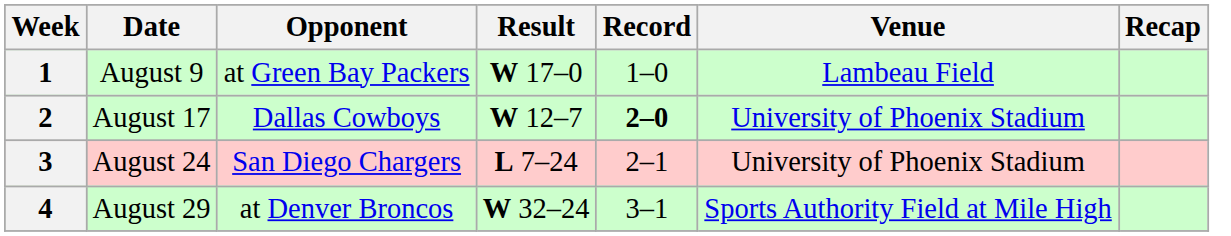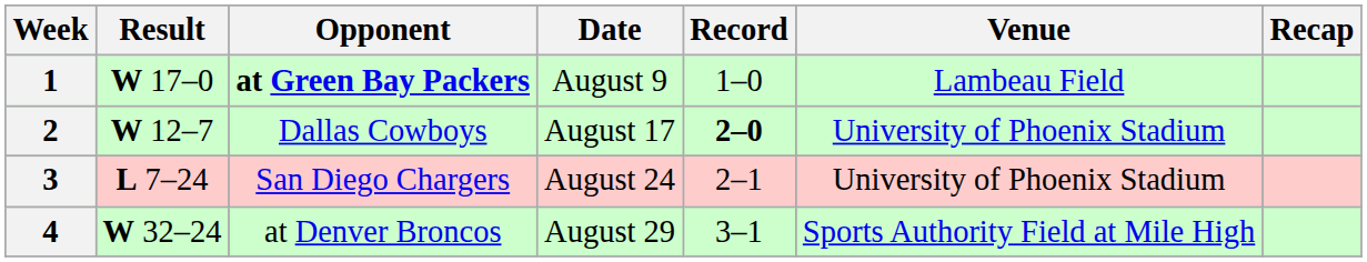 <table class="wikitable" style="text-align:center">
 <tr>
 <th>Week</th>
+<th>Result</th>
+<th>Opponent</th>
 <th>Date</th>
-<th>Opponent</th>
-<th>Result</th>
 <th>Record</th>
 <th>Venue</th>
 <th>Recap</th>
 </tr>
 <tr style="background:#cfc; text-align:center;">
 <th>1</th>
+<td><strong>W</strong> 17–0</td>
+<td><strong>at <a href='#'>Green Bay Packers</a></strong></td>
 <td>August 9</td>
-<td>at <a href='#'>Green Bay Packers</a></td>
-<td><strong>W</strong> 17–0</td>
 <td>1–0</td>
 <td><a href='#'>Lambeau Field</a></td>
 <td></td>
 </tr>
 <tr style="background:#cfc; text-align:center;">
 <th>2</th>
+<td><strong>W</strong> 12–7</td>
+<td><a href='#'>Dallas Cowboys</a></td>
 <td>August 17</td>
-<td><a href='#'>Dallas Cowboys</a></td>
-<td><strong>W</strong> 12–7</td>
 <td><strong>2–0</strong></td>
 <td><a href='#'>University of Phoenix Stadium</a></td>
 <td></td>
 </tr>
 <tr style="background:#fcc; text-align:center;">
 <th>3</th>
+<td><strong>L</strong> 7–24</td>
+<td><a href='#'>San Diego Chargers</a></td>
 <td>August 24</td>
-<td><a href='#'>San Diego Chargers</a></td>
-<td><strong>L</strong> 7–24</td>
 <td>2–1</td>
 <td>University of Phoenix Stadium</td>
 <td></td>
 </tr>
 <tr style="background:#cfc; text-align:center;">
 <th>4</th>
+<td><strong>W</strong> 32–24</td>
+<td>at <a href='#'>Denver Broncos</a></td>
 <td>August 29</td>
-<td>at <a href='#'>Denver Broncos</a></td>
-<td><strong>W</strong> 32–24</td>
 <td>3–1</td>
 <td><a href='#'>Sports Authority Field at Mile High</a></td>
 <td></td>
 </tr>
 </table>
